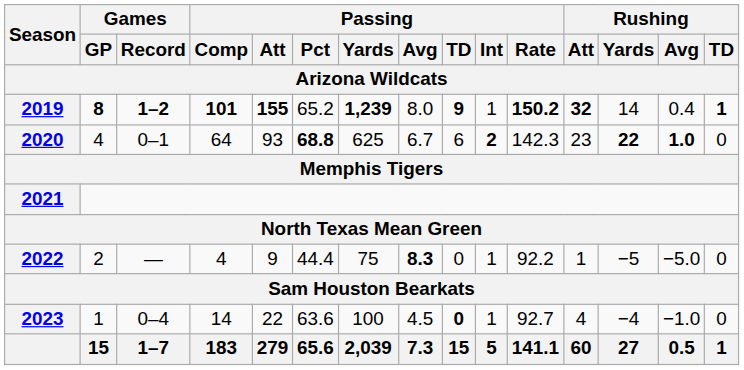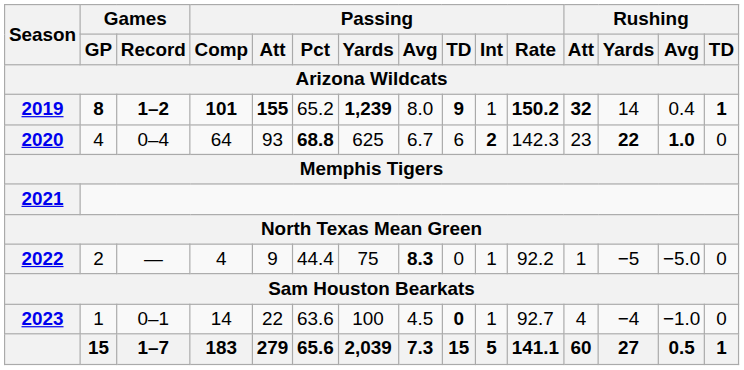 <table class="wikitable" style="text-align:center;">
 <tr>
 <th rowspan="2">Season</th>
 <th colspan="2">Games</th>
 <th colspan="8">Passing</th>
 <th colspan="4">Rushing</th>
 </tr>
 <tr>
 <th>GP</th>
 <th>Record</th>
 <th>Comp</th>
 <th>Att</th>
 <th>Pct</th>
 <th>Yards</th>
 <th>Avg</th>
 <th>TD</th>
 <th>Int</th>
 <th>Rate</th>
 <th>Att</th>
 <th>Yards</th>
 <th>Avg</th>
 <th>TD</th>
 </tr>
 <tr>
 <th colspan="16">Arizona Wildcats</th>
 </tr>
 <tr>
 <th><a href='#'>2019</a></th>
 <td><strong>8</strong></td>
 <td><strong>1–2</strong></td>
 <td><strong>101</strong></td>
 <td><strong>155</strong></td>
 <td>65.2</td>
 <td><strong>1,239</strong></td>
 <td>8.0</td>
 <td><strong>9</strong></td>
 <td>1</td>
 <td><strong>150.2</strong></td>
 <td><strong>32</strong></td>
 <td>14</td>
 <td>0.4</td>
 <td><strong>1</strong></td>
 </tr>
 <tr>
 <th><a href='#'>2020</a></th>
 <td>4</td>
-<td>0–1</td>
+<td>0–4</td>
 <td>64</td>
 <td>93</td>
 <td><strong>68.8</strong></td>
 <td>625</td>
 <td>6.7</td>
 <td>6</td>
 <td><strong>2</strong></td>
 <td>142.3</td>
 <td>23</td>
 <td><strong>22</strong></td>
 <td><strong>1.0</strong></td>
 <td>0</td>
 </tr>
 <tr>
 <th colspan="16">Memphis Tigers</th>
 </tr>
 <tr>
 <th><a href='#'>2021</a></th>
 <td colspan="15"></td>
 </tr>
 <tr>
 <th colspan="16">North Texas Mean Green</th>
 </tr>
 <tr>
 <th><a href='#'>2022</a></th>
 <td>2</td>
 <td>—</td>
 <td>4</td>
 <td>9</td>
 <td>44.4</td>
 <td>75</td>
 <td><strong>8.3</strong></td>
 <td>0</td>
 <td>1</td>
 <td>92.2</td>
 <td>1</td>
 <td>−5</td>
 <td>−5.0</td>
 <td>0</td>
 </tr>
 <tr>
 <th colspan="16">Sam Houston Bearkats</th>
 </tr>
 <tr>
 <th><a href='#'>2023</a></th>
 <td>1</td>
-<td>0–4</td>
+<td>0–1</td>
 <td>14</td>
 <td>22</td>
 <td>63.6</td>
 <td>100</td>
 <td>4.5</td>
 <td><strong>0</strong></td>
 <td>1</td>
 <td>92.7</td>
 <td>4</td>
 <td>−4</td>
 <td>−1.0</td>
 <td>0</td>
 </tr>
 <tr>
 <th></th>
 <th>15</th>
 <th>1–7</th>
 <th>183</th>
 <th>279</th>
 <th>65.6</th>
 <th>2,039</th>
 <th>7.3</th>
 <th>15</th>
 <th>5</th>
 <th>141.1</th>
 <th>60</th>
 <th>27</th>
 <th>0.5</th>
 <th>1</th>
 </tr>
 </table>
